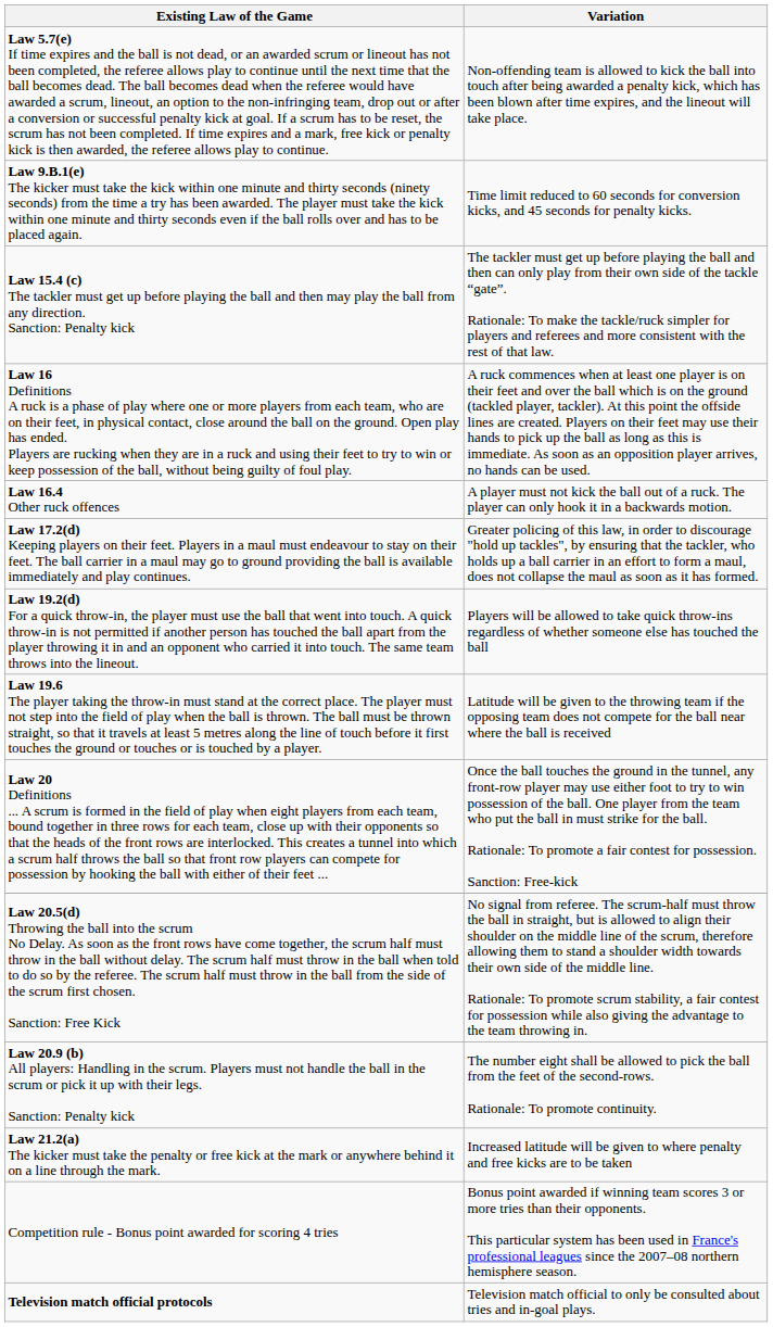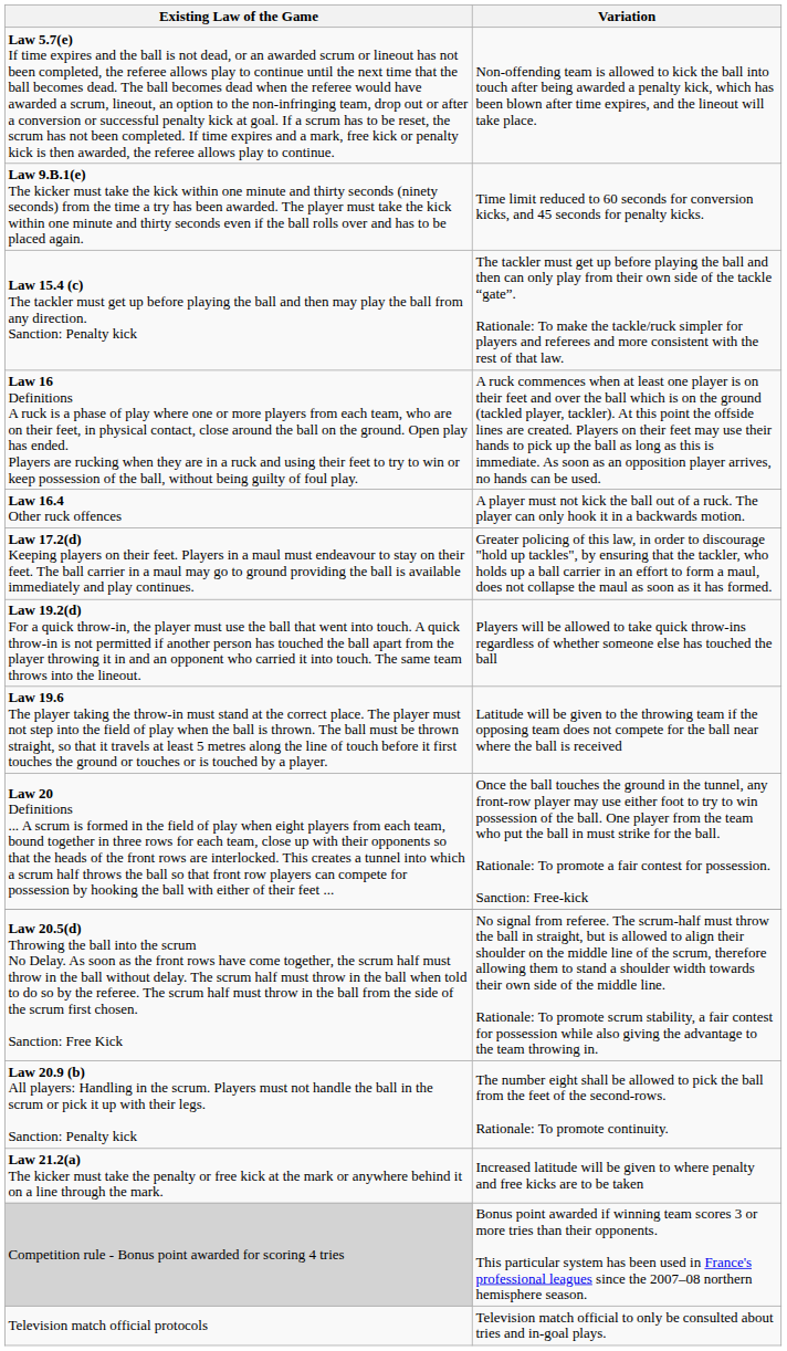 <table class="wikitable">
 <tr>
 <th>Existing Law of the Game</th>
 <th>Variation</th>
 </tr>
 <tr>
 <td><strong>Law 5.7(e)</strong><br>If time expires and the ball is not dead, or an awarded scrum or lineout has not been completed, the referee allows play to continue until the next time that the ball becomes dead. The ball becomes dead when the referee would have awarded a scrum, lineout, an option to the non-infringing team, drop out or after a conversion or successful penalty kick at goal. If a scrum has to be reset, the scrum has not been completed. If time expires and a mark, free kick or penalty kick is then awarded, the referee allows play to continue.</td>
 <td>Non-offending team is allowed to kick the ball into touch after being awarded a penalty kick, which has been blown after time expires, and the lineout will take place.</td>
 </tr>
 <tr>
 <td><strong>Law 9.B.1(e)</strong><br>The kicker must take the kick within one minute and thirty seconds (ninety seconds) from the time a try has been awarded. The player must take the kick within one minute and thirty seconds even if the ball rolls over and has to be placed again.</td>
 <td>Time limit reduced to 60 seconds for conversion kicks, and 45 seconds for penalty kicks.</td>
 </tr>
 <tr>
 <td><strong>Law 15.4 (c)</strong><br>The tackler must get up before playing the ball and then may play the ball from any direction.<br>Sanction: Penalty kick</td>
 <td>The tackler must get up before playing the ball and then can only play from their own side of the tackle “gate”.<br><br>Rationale: To make the tackle/ruck simpler for players and referees and more consistent with the rest of that law.</td>
 </tr>
 <tr>
 <td><strong>Law 16</strong><br>Definitions<br>A ruck is a phase of play where one or more players from each team, who are on their feet, in physical contact, close around the ball on the ground. Open play has ended.<br>Players are rucking when they are in a ruck and using their feet to try to win or keep possession of the ball, without being guilty of foul play.</td>
 <td>A ruck commences when at least one player is on their feet and over the ball which is on the ground (tackled player, tackler). At this point the offside lines are created. Players on their feet may use their hands to pick up the ball as long as this is immediate. As soon as an opposition player arrives, no hands can be used.</td>
 </tr>
 <tr>
 <td><strong>Law 16.4</strong><br> Other ruck offences</td>
 <td>A player must not kick the ball out of a ruck. The player can only hook it in a backwards motion.</td>
 </tr>
 <tr>
 <td><strong>Law 17.2(d)</strong><br>Keeping players on their feet. Players in a maul must endeavour to stay on their feet. The ball carrier in a maul may go to ground providing the ball is available immediately and play continues.</td>
 <td>Greater policing of this law, in order to discourage "hold up tackles", by ensuring that the tackler, who holds up a ball carrier in an effort to form a maul, does not collapse the maul as soon as it has formed.</td>
 </tr>
 <tr>
 <td><strong>Law 19.2(d)</strong><br>For a quick throw-in, the player must use the ball that went into touch. A quick throw-in is not permitted if another person has touched the ball apart from the player throwing it in and an opponent who carried it into touch. The same team throws into the lineout.</td>
 <td>Players will be allowed to take quick throw-ins regardless of whether someone else has touched the ball</td>
 </tr>
 <tr>
 <td><strong>Law 19.6</strong><br>The player taking the throw-in must stand at the correct place. The player must not step into the field of play when the ball is thrown. The ball must be thrown straight, so that it travels at least 5 metres along the line of touch before it first touches the ground or touches or is touched by a player.</td>
 <td>Latitude will be given to the throwing team if the opposing team does not compete for the ball near where the ball is received</td>
 </tr>
 <tr>
 <td><strong>Law 20</strong><br>Definitions<br>... A scrum is formed in the field of play when eight players from each team, bound together in three rows for each team, close up with their opponents so that the heads of the front rows are interlocked. This creates a tunnel into which a scrum half throws the ball so that front row players can compete for possession by hooking the ball with either of their feet ...</td>
 <td>Once the ball touches the ground in the tunnel, any front-row player may use either foot to try to win possession of the ball. One player from the team who put the ball in must strike for the ball.<br><br>Rationale: To promote a fair contest for possession.<br><br>Sanction: Free-kick</td>
 </tr>
 <tr>
 </tr>
 <tr>
 <td><strong>Law 20.5(d)</strong><br>Throwing the ball into the scrum<br>No Delay. As soon as the front rows have come together, the scrum half must throw in the ball without delay. The scrum half must throw in the ball when told to do so by the referee. The scrum half must throw in the ball from the side of the scrum first chosen.<br><br>Sanction: Free Kick</td>
 <td>No signal from referee. The scrum-half must throw the ball in straight, but is allowed to align their shoulder on the middle line of the scrum, therefore allowing them to stand a shoulder width towards their own side of the middle line.<br><br>Rationale: To promote scrum stability, a fair contest for possession while also giving the advantage to the team throwing in.</td>
 </tr>
 <tr>
 <td><strong>Law 20.9 (b)</strong><br>All players: Handling in the scrum. Players must not handle the ball in the scrum or pick it up with their legs.<br><br>Sanction: Penalty kick</td>
 <td>The number eight shall be allowed to pick the ball from the feet of the second-rows.<br><br>Rationale: To promote continuity.</td>
 </tr>
 <tr>
 <td><strong>Law 21.2(a)</strong><br>The kicker must take the penalty or free kick at the mark or anywhere behind it on a line through the mark.</td>
 <td>Increased latitude will be given to where penalty and free kicks are to be taken</td>
 </tr>
 <tr>
-<td>Competition rule - Bonus point awarded for scoring 4 tries</td>
+<td style="background: lightgrey;">Competition rule - Bonus point awarded for scoring 4 tries</td>
 <td>Bonus point awarded if winning team scores 3 or more tries than their opponents.<br><br>This particular system has been used in <a href='#'>France's professional leagues</a> since the 2007–08 northern hemisphere season.</td>
 </tr>
 <tr>
-<td><strong>Television match official protocols</strong></td>
+<td>Television match official protocols</td>
 <td>Television match official to only be consulted about tries and in-goal plays.</td>
 </tr>
 </table>
